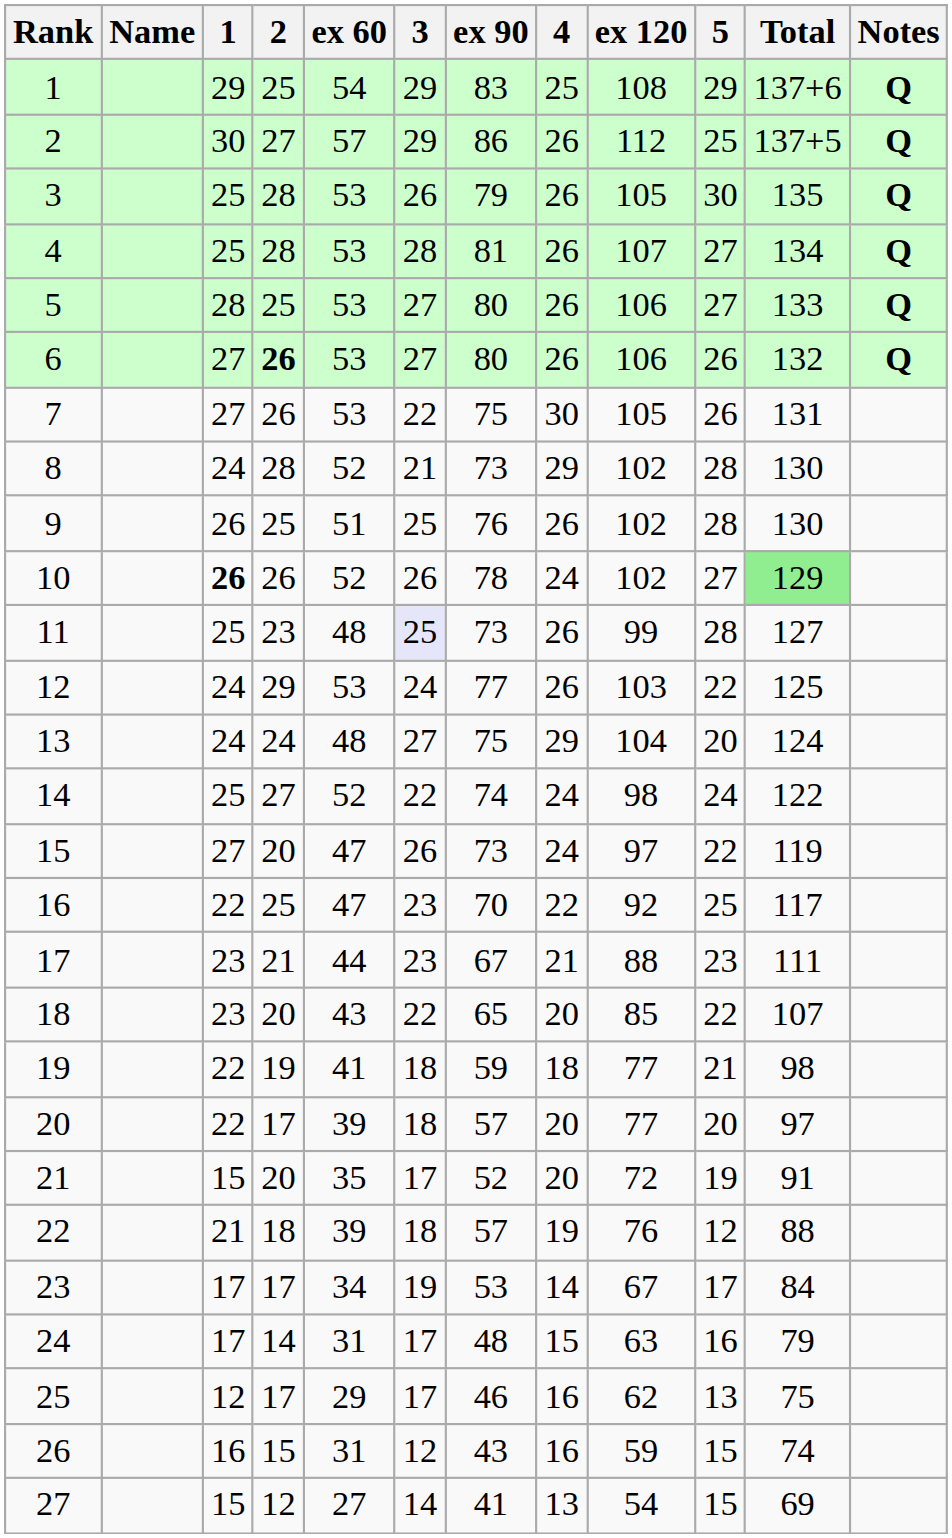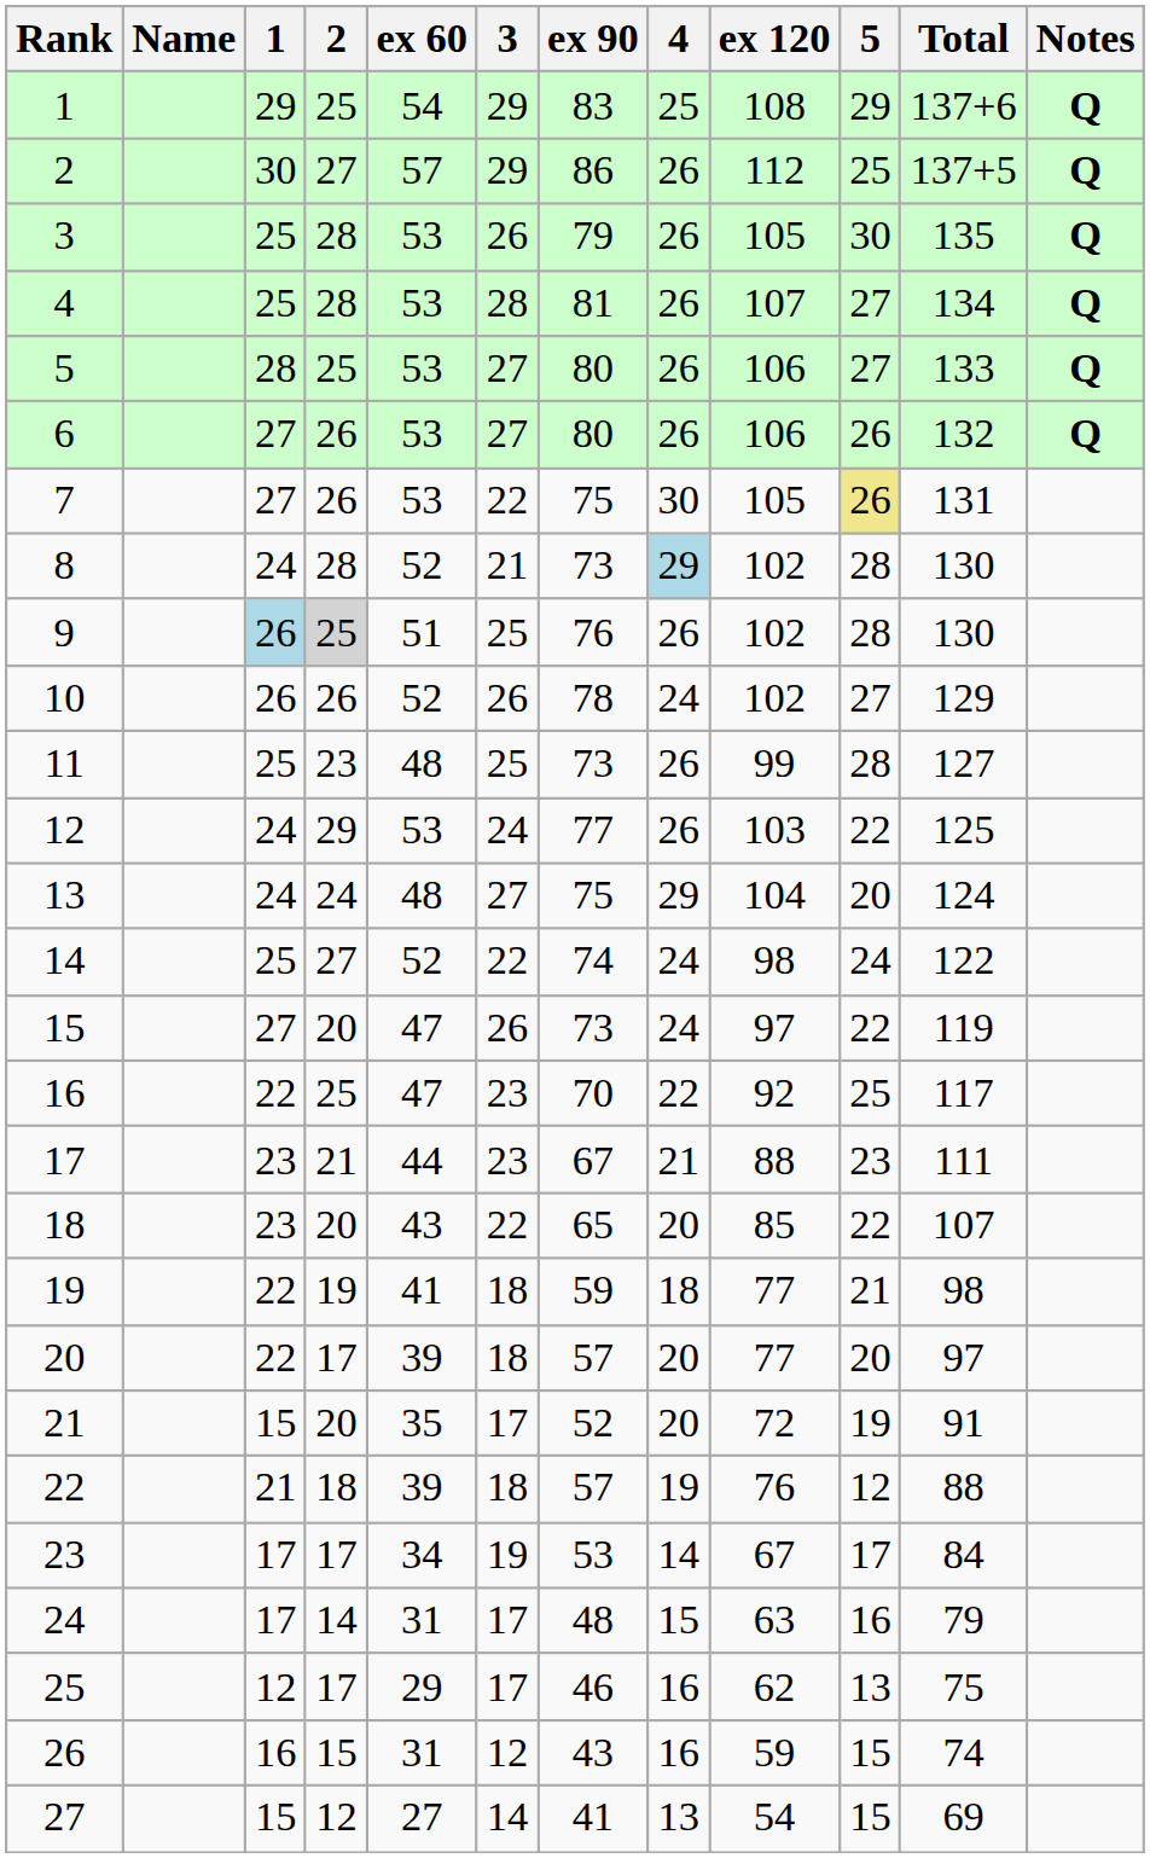 <table class="wikitable sortable" style="text-align:center;">
 <tr>
 <th>Rank</th>
 <th>Name</th>
 <th>1</th>
 <th>2</th>
 <th>ex 60</th>
 <th>3</th>
 <th>ex 90</th>
 <th>4</th>
 <th>ex 120</th>
 <th>5</th>
 <th>Total</th>
 <th>Notes</th>
 </tr>
 <tr bgcolor=ccffcc>
 <td>1</td>
 <td align=left></td>
 <td>29</td>
 <td>25</td>
 <td>54</td>
 <td>29</td>
 <td>83</td>
 <td>25</td>
 <td>108</td>
 <td>29</td>
 <td>137+6</td>
 <td><strong>Q</strong></td>
 </tr>
 <tr bgcolor=ccffcc>
 <td>2</td>
 <td align=left></td>
 <td>30</td>
 <td>27</td>
 <td>57</td>
 <td>29</td>
 <td>86</td>
 <td>26</td>
 <td>112</td>
 <td>25</td>
 <td>137+5</td>
 <td><strong>Q</strong></td>
 </tr>
 <tr bgcolor=ccffcc>
 <td>3</td>
 <td align=left></td>
 <td>25</td>
 <td>28</td>
 <td>53</td>
 <td>26</td>
 <td>79</td>
 <td>26</td>
 <td>105</td>
 <td>30</td>
 <td>135</td>
 <td><strong>Q</strong></td>
 </tr>
 <tr bgcolor=ccffcc>
 <td>4</td>
 <td align=left></td>
 <td>25</td>
 <td>28</td>
 <td>53</td>
 <td>28</td>
 <td>81</td>
 <td>26</td>
 <td>107</td>
 <td>27</td>
 <td>134</td>
 <td><strong>Q</strong></td>
 </tr>
 <tr bgcolor=ccffcc>
 <td>5</td>
 <td align=left></td>
 <td>28</td>
 <td>25</td>
 <td>53</td>
 <td>27</td>
 <td>80</td>
 <td>26</td>
 <td>106</td>
 <td>27</td>
 <td>133</td>
 <td><strong>Q</strong></td>
 </tr>
 <tr bgcolor=ccffcc>
 <td>6</td>
 <td align=left></td>
 <td>27</td>
-<td><strong>26</strong></td>
+<td>26</td>
 <td>53</td>
 <td>27</td>
 <td>80</td>
 <td>26</td>
 <td>106</td>
 <td>26</td>
 <td>132</td>
 <td><strong>Q</strong></td>
 </tr>
 <tr>
 <td>7</td>
 <td align=left></td>
 <td>27</td>
 <td>26</td>
 <td>53</td>
 <td>22</td>
 <td>75</td>
 <td>30</td>
 <td>105</td>
-<td>26</td>
+<td style="background: khaki;">26</td>
 <td>131</td>
 <td></td>
 </tr>
 <tr>
 <td>8</td>
 <td align=left></td>
 <td>24</td>
 <td>28</td>
 <td>52</td>
 <td>21</td>
 <td>73</td>
-<td>29</td>
+<td style="background: lightblue;">29</td>
 <td>102</td>
 <td>28</td>
 <td>130</td>
 <td></td>
 </tr>
 <tr>
 <td>9</td>
 <td align=left></td>
-<td>26</td>
-<td>25</td>
+<td style="background: lightblue;">26</td>
+<td style="background: lightgrey;">25</td>
 <td>51</td>
 <td>25</td>
 <td>76</td>
 <td>26</td>
 <td>102</td>
 <td>28</td>
 <td>130</td>
 <td></td>
 </tr>
 <tr>
 <td>10</td>
 <td align=left></td>
-<td><strong>26</strong></td>
+<td>26</td>
 <td>26</td>
 <td>52</td>
 <td>26</td>
 <td>78</td>
 <td>24</td>
 <td>102</td>
 <td>27</td>
-<td style="background: lightgreen;">129</td>
+<td>129</td>
 <td></td>
 </tr>
 <tr>
 <td>11</td>
 <td align=left></td>
 <td>25</td>
 <td>23</td>
 <td>48</td>
-<td style="background: lavender;">25</td>
+<td>25</td>
 <td>73</td>
 <td>26</td>
 <td>99</td>
 <td>28</td>
 <td>127</td>
 <td></td>
 </tr>
 <tr>
 <td>12</td>
 <td align=left></td>
 <td>24</td>
 <td>29</td>
 <td>53</td>
 <td>24</td>
 <td>77</td>
 <td>26</td>
 <td>103</td>
 <td>22</td>
 <td>125</td>
 <td></td>
 </tr>
 <tr>
 <td>13</td>
 <td align=left></td>
 <td>24</td>
 <td>24</td>
 <td>48</td>
 <td>27</td>
 <td>75</td>
 <td>29</td>
 <td>104</td>
 <td>20</td>
 <td>124</td>
 <td></td>
 </tr>
 <tr>
 <td>14</td>
 <td align=left></td>
 <td>25</td>
 <td>27</td>
 <td>52</td>
 <td>22</td>
 <td>74</td>
 <td>24</td>
 <td>98</td>
 <td>24</td>
 <td>122</td>
 <td></td>
 </tr>
 <tr>
 <td>15</td>
 <td align=left></td>
 <td>27</td>
 <td>20</td>
 <td>47</td>
 <td>26</td>
 <td>73</td>
 <td>24</td>
 <td>97</td>
 <td>22</td>
 <td>119</td>
 <td></td>
 </tr>
 <tr>
 <td>16</td>
 <td align=left></td>
 <td>22</td>
 <td>25</td>
 <td>47</td>
 <td>23</td>
 <td>70</td>
 <td>22</td>
 <td>92</td>
 <td>25</td>
 <td>117</td>
 <td></td>
 </tr>
 <tr>
 <td>17</td>
 <td align=left></td>
 <td>23</td>
 <td>21</td>
 <td>44</td>
 <td>23</td>
 <td>67</td>
 <td>21</td>
 <td>88</td>
 <td>23</td>
 <td>111</td>
 <td></td>
 </tr>
 <tr>
 <td>18</td>
 <td align=left></td>
 <td>23</td>
 <td>20</td>
 <td>43</td>
 <td>22</td>
 <td>65</td>
 <td>20</td>
 <td>85</td>
 <td>22</td>
 <td>107</td>
 <td></td>
 </tr>
 <tr>
 <td>19</td>
 <td align=left></td>
 <td>22</td>
 <td>19</td>
 <td>41</td>
 <td>18</td>
 <td>59</td>
 <td>18</td>
 <td>77</td>
 <td>21</td>
 <td>98</td>
 <td></td>
 </tr>
 <tr>
 <td>20</td>
 <td align=left></td>
 <td>22</td>
 <td>17</td>
 <td>39</td>
 <td>18</td>
 <td>57</td>
 <td>20</td>
 <td>77</td>
 <td>20</td>
 <td>97</td>
 <td></td>
 </tr>
 <tr>
 <td>21</td>
 <td align=left></td>
 <td>15</td>
 <td>20</td>
 <td>35</td>
 <td>17</td>
 <td>52</td>
 <td>20</td>
 <td>72</td>
 <td>19</td>
 <td>91</td>
 <td></td>
 </tr>
 <tr>
 <td>22</td>
 <td align=left></td>
 <td>21</td>
 <td>18</td>
 <td>39</td>
 <td>18</td>
 <td>57</td>
 <td>19</td>
 <td>76</td>
 <td>12</td>
 <td>88</td>
 <td></td>
 </tr>
 <tr>
 <td>23</td>
 <td align=left></td>
 <td>17</td>
 <td>17</td>
 <td>34</td>
 <td>19</td>
 <td>53</td>
 <td>14</td>
 <td>67</td>
 <td>17</td>
 <td>84</td>
 <td></td>
 </tr>
 <tr>
 <td>24</td>
 <td align=left></td>
 <td>17</td>
 <td>14</td>
 <td>31</td>
 <td>17</td>
 <td>48</td>
 <td>15</td>
 <td>63</td>
 <td>16</td>
 <td>79</td>
 <td></td>
 </tr>
 <tr>
 <td>25</td>
 <td align=left></td>
 <td>12</td>
 <td>17</td>
 <td>29</td>
 <td>17</td>
 <td>46</td>
 <td>16</td>
 <td>62</td>
 <td>13</td>
 <td>75</td>
 <td></td>
 </tr>
 <tr>
 <td>26</td>
 <td align=left></td>
 <td>16</td>
 <td>15</td>
 <td>31</td>
 <td>12</td>
 <td>43</td>
 <td>16</td>
 <td>59</td>
 <td>15</td>
 <td>74</td>
 <td></td>
 </tr>
 <tr>
 <td>27</td>
 <td align=left></td>
 <td>15</td>
 <td>12</td>
 <td>27</td>
 <td>14</td>
 <td>41</td>
 <td>13</td>
 <td>54</td>
 <td>15</td>
 <td>69</td>
 <td></td>
 </tr>
 <tr>
 </tr>
 </table>
